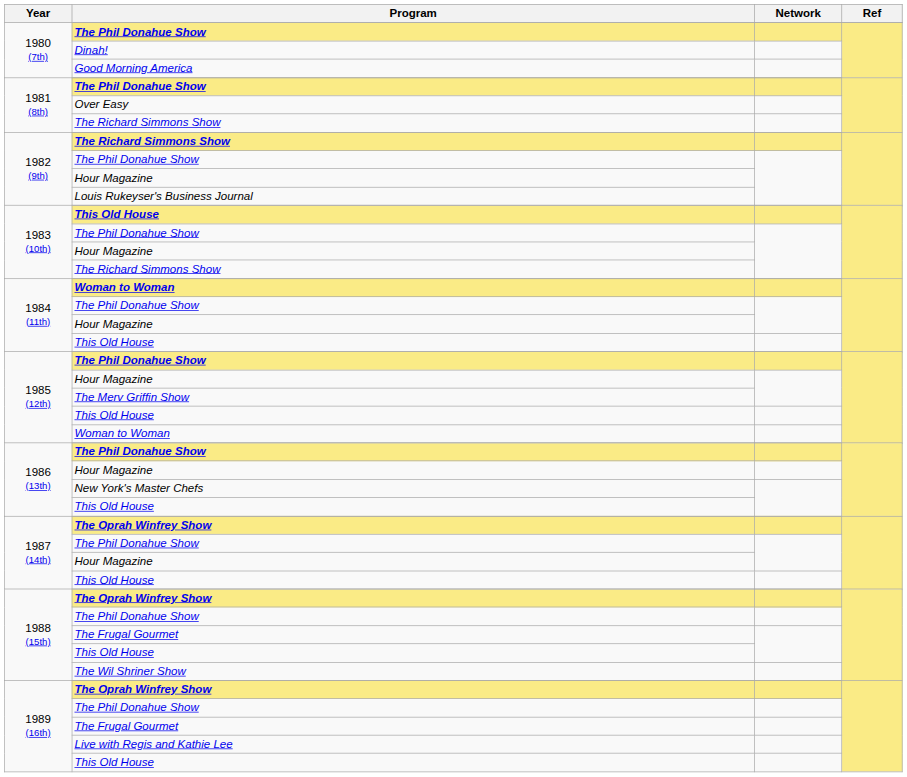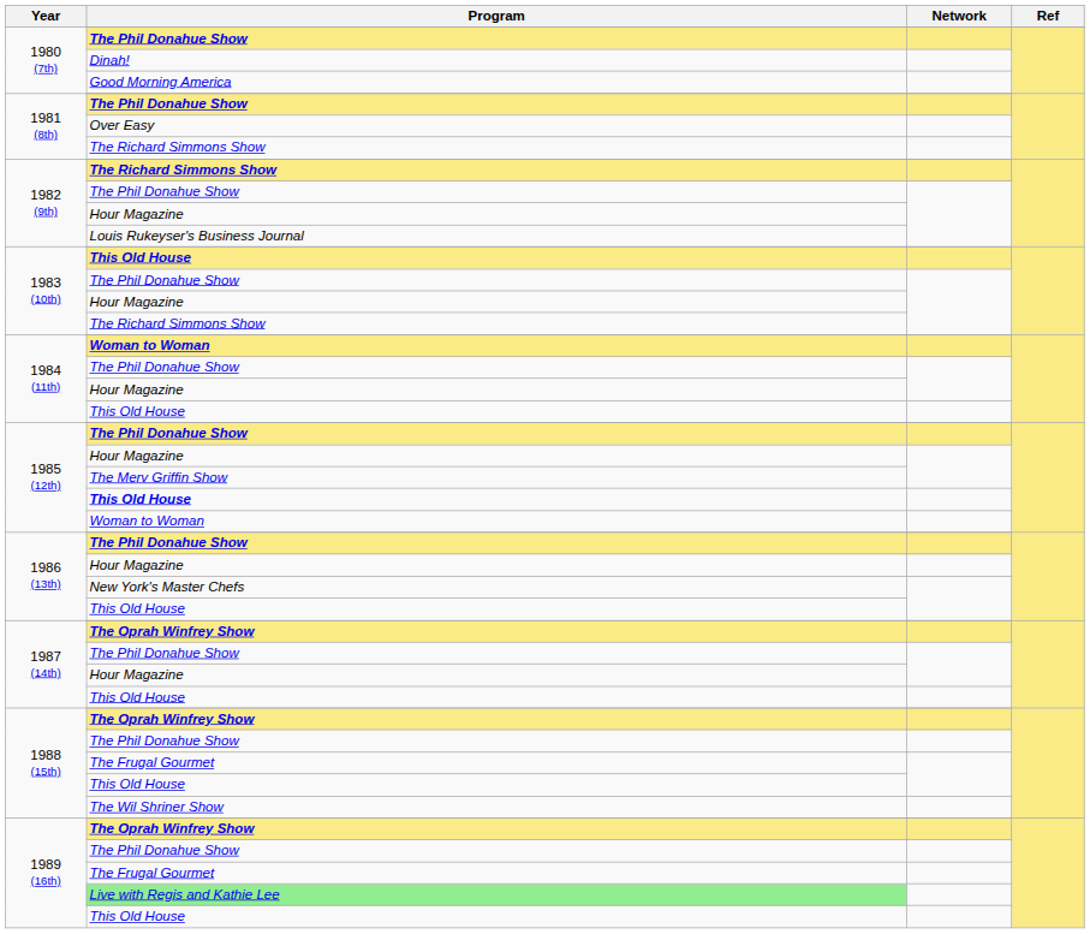 <table class="wikitable">
 <tr style="background:#bebebe;">
 <th style="width:1%;">Year</th>
 <th style="width:15%;">Program</th>
 <th style="width:1%;">Network</th>
 <th style="width:1%;">Ref</th>
 </tr>
 <tr>
 <td rowspan=4 style="text-align:center">1980 <br><small><a href='#'>(7th)</a></small></td>
 </tr>
 <tr style="background:#FAEB86">
 <td><strong><em><a href='#'>The Phil Donahue Show</a></em></strong> </td>
 <td style="background:#FAEB86"></td>
 <td rowspan=4></td>
 </tr>
 <tr>
 <td><em><a href='#'>Dinah!</a></em></td>
 <td></td>
 </tr>
 <tr>
 <td><em><a href='#'>Good Morning America</a></em></td>
 <td></td>
 </tr>
 <tr>
 <td rowspan=4 style="text-align:center">1981 <br><small><a href='#'>(8th)</a></small></td>
 </tr>
 <tr style="background:#FAEB86">
 <td><strong><em><a href='#'>The Phil Donahue Show</a></em></strong> </td>
 <td style="background:#FAEB86"></td>
 <td rowspan=4></td>
 </tr>
 <tr>
 <td><em>Over Easy</em></td>
 <td></td>
 </tr>
 <tr>
 <td><em><a href='#'>The Richard Simmons Show</a></em></td>
 <td></td>
 </tr>
 <tr>
 <td rowspan=5 style="text-align:center">1982 <br><small><a href='#'>(9th)</a></small></td>
 </tr>
 <tr style="background:#FAEB86">
 <td><strong><em><a href='#'>The Richard Simmons Show</a></em></strong> </td>
 <td style="background:#FAEB86"></td>
 <td rowspan=5></td>
 </tr>
 <tr>
 <td><em><a href='#'>The Phil Donahue Show</a></em></td>
 <td rowspan=3></td>
 </tr>
 <tr>
 <td><em>Hour Magazine</em></td>
 </tr>
 <tr>
 <td><em>Louis Rukeyser's Business Journal</em></td>
 </tr>
 <tr>
 <td rowspan=5 style="text-align:center">1983 <br><small><a href='#'>(10th)</a></small></td>
 </tr>
 <tr style="background:#FAEB86">
 <td><strong><em><a href='#'>This Old House</a></em></strong> </td>
 <td style="background:#FAEB86"></td>
 <td rowspan=5></td>
 </tr>
 <tr>
 <td><em><a href='#'>The Phil Donahue Show</a></em></td>
 <td rowspan=3></td>
 </tr>
 <tr>
 <td><em>Hour Magazine</em></td>
 </tr>
 <tr>
 <td><em><a href='#'>The Richard Simmons Show</a></em></td>
 </tr>
 <tr>
 <td rowspan=5 style="text-align:center">1984 <br><small><a href='#'>(11th)</a></small></td>
 </tr>
 <tr style="background:#FAEB86">
 <td><strong><em><a href='#'>Woman to Woman</a></em></strong> </td>
 <td style="background:#FAEB86"></td>
 <td rowspan=5></td>
 </tr>
 <tr>
 <td><em><a href='#'>The Phil Donahue Show</a></em></td>
 <td rowspan=2></td>
 </tr>
 <tr>
 <td><em>Hour Magazine</em></td>
 </tr>
 <tr>
 <td><em><a href='#'>This Old House</a></em></td>
 <td></td>
 </tr>
 <tr>
 <td rowspan=6 style="text-align:center">1985 <br><small><a href='#'>(12th)</a></small></td>
 </tr>
 <tr style="background:#FAEB86">
 <td><strong><em><a href='#'>The Phil Donahue Show</a></em></strong> </td>
 <td style="background:#FAEB86"></td>
 <td rowspan=6></td>
 </tr>
 <tr>
 <td><em>Hour Magazine</em></td>
 <td rowspan=2></td>
 </tr>
 <tr>
 <td><em><a href='#'>The Merv Griffin Show</a></em></td>
 </tr>
 <tr>
-<td><em><a href='#'>This Old House</a></em></td>
+<td><strong><em><a href='#'>This Old House</a></em></strong></td>
 <td></td>
 </tr>
 <tr>
 <td><em><a href='#'>Woman to Woman</a></em></td>
 <td></td>
 </tr>
 <tr>
 <td rowspan=5 style="text-align:center">1986 <br><small><a href='#'>(13th)</a></small></td>
 </tr>
 <tr style="background:#FAEB86">
 <td><strong><em><a href='#'>The Phil Donahue Show</a></em></strong> </td>
 <td style="background:#FAEB86"></td>
 <td rowspan=5></td>
 </tr>
 <tr>
 <td><em>Hour Magazine</em></td>
 <td></td>
 </tr>
 <tr>
 <td><em>New York's Master Chefs</em></td>
 <td rowspan=2></td>
 </tr>
 <tr>
 <td><em><a href='#'>This Old House</a></em></td>
 </tr>
 <tr>
 <td rowspan=5 style="text-align:center">1987 <br><small><a href='#'>(14th)</a></small></td>
 </tr>
 <tr style="background:#FAEB86">
 <td><strong><em><a href='#'>The Oprah Winfrey Show</a></em></strong> </td>
 <td style="background:#FAEB86"></td>
 <td rowspan=5></td>
 </tr>
 <tr>
 <td><em><a href='#'>The Phil Donahue Show</a></em></td>
 <td rowspan=2></td>
 </tr>
 <tr>
 <td><em>Hour Magazine</em></td>
 </tr>
 <tr>
 <td><em><a href='#'>This Old House</a></em></td>
 <td></td>
 </tr>
 <tr>
 <td rowspan=6 style="text-align:center">1988 <br><small><a href='#'>(15th)</a></small></td>
 </tr>
 <tr style="background:#FAEB86">
 <td><strong><em><a href='#'>The Oprah Winfrey Show</a></em></strong> </td>
 <td style="background:#FAEB86"></td>
 <td rowspan=6></td>
 </tr>
 <tr>
 <td><em><a href='#'>The Phil Donahue Show</a></em></td>
 <td></td>
 </tr>
 <tr>
 <td><em><a href='#'>The Frugal Gourmet</a></em></td>
 <td rowspan=2></td>
 </tr>
 <tr>
 <td><em><a href='#'>This Old House</a></em></td>
 </tr>
 <tr>
 <td><em><a href='#'>The Wil Shriner Show</a></em></td>
 <td></td>
 </tr>
 <tr>
 <td rowspan=6 style="text-align:center">1989 <br><small><a href='#'>(16th)</a></small></td>
 </tr>
 <tr style="background:#FAEB86">
 <td><strong><em><a href='#'>The Oprah Winfrey Show</a></em></strong> </td>
 <td style="background:#FAEB86"></td>
 <td rowspan=6></td>
 </tr>
 <tr>
 <td><em><a href='#'>The Phil Donahue Show</a></em></td>
 <td></td>
 </tr>
 <tr>
 <td><em><a href='#'>The Frugal Gourmet</a></em></td>
 <td></td>
 </tr>
 <tr>
-<td><em><a href='#'>Live with Regis and Kathie Lee</a></em></td>
+<td style="background: lightgreen;"><em><a href='#'>Live with Regis and Kathie Lee</a></em></td>
 <td></td>
 </tr>
 <tr>
 <td><em><a href='#'>This Old House</a></em></td>
 <td></td>
 </tr>
 </table>
